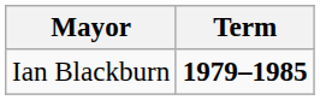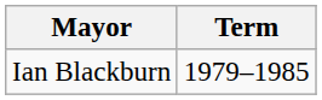 <table class="wikitable">
 <tr>
 <th>Mayor</th>
 <th>Term</th>
 </tr>
 <tr>
 <td>Ian Blackburn</td>
-<td><strong>1979–1985</strong></td>
+<td>1979–1985</td>
 </tr>
 </table>
